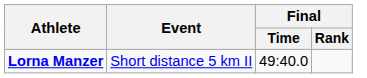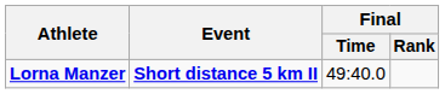 <table class="wikitable" style="font-size:90%">
 <tr>
 <th rowspan=2>Athlete</th>
 <th rowspan=2>Event</th>
 <th colspan=2>Final</th>
 </tr>
 <tr style="font-size:95%">
 <th>Time</th>
 <th>Rank</th>
 </tr>
 <tr align=center>
 <td align=left><strong><a href='#'>Lorna Manzer</a></strong></td>
-<td align=left><a href='#'>Short distance 5 km II</a></td>
+<td align=left><strong><a href='#'>Short distance 5 km II</a></strong></td>
 <td>49:40.0</td>
 <td></td>
 </tr>
 </table>
